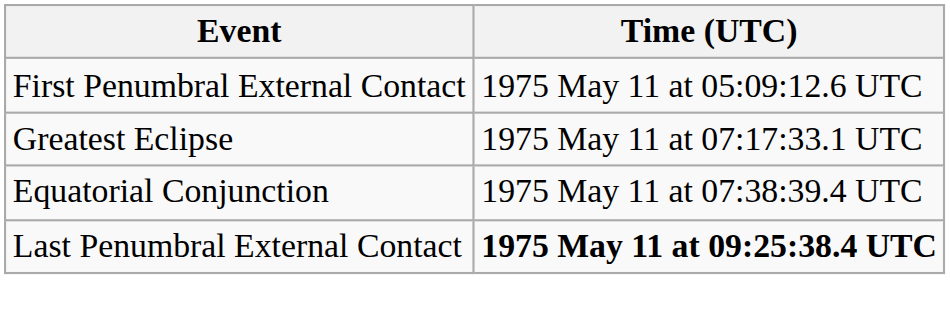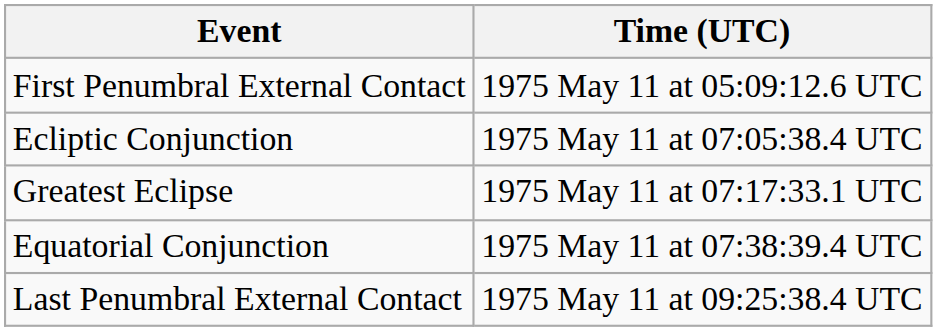 <table class="wikitable">
 <tr>
 <th>Event</th>
 <th>Time (UTC)</th>
 </tr>
 <tr>
 <td>First Penumbral External Contact</td>
 <td>1975 May 11 at 05:09:12.6 UTC</td>
+</tr>
+<tr>
+<td>Ecliptic Conjunction</td>
+<td>1975 May 11 at 07:05:38.4 UTC</td>
 </tr>
 <tr>
 <td>Greatest Eclipse</td>
 <td>1975 May 11 at 07:17:33.1 UTC</td>
 </tr>
 <tr>
 <td>Equatorial Conjunction</td>
 <td>1975 May 11 at 07:38:39.4 UTC</td>
 </tr>
 <tr>
 <td>Last Penumbral External Contact</td>
-<td><strong>1975 May 11 at 09:25:38.4 UTC</strong></td>
+<td>1975 May 11 at 09:25:38.4 UTC</td>
 </tr>
 </table>
